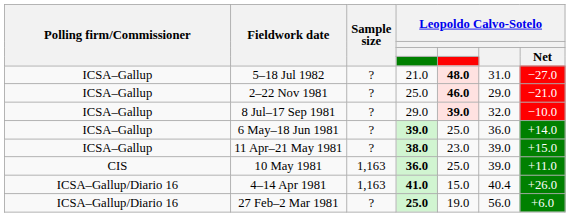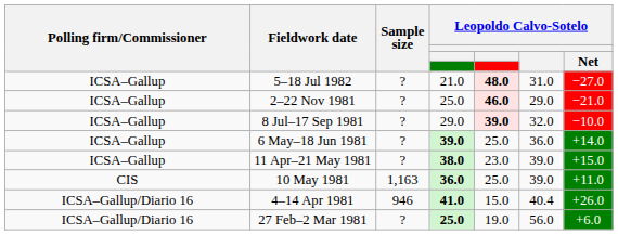 <table class="wikitable collapsible collapsed" style="text-align:center; font-size:90%; line-height:14px;">
 <tr style="height:42px;">
 <th style="width:250px;" rowspan="4">Polling firm/Commissioner</th>
 <th style="width:125px;" rowspan="4">Fieldwork date</th>
 <th style="width:50px;" rowspan="4">Sample size</th>
 <th style="width:185px;" colspan="4"><a href='#'>Leopoldo Calvo-Sotelo</a><br></th>
 </tr>
 <tr>
 <th colspan="4" style="background:"></th>
 </tr>
 <tr>
 <th style="width:30px;"></th>
 <th style="width:30px;"></th>
 <th style="width:30px;" rowspan="2"></th>
 <th style="width:30px;" rowspan="2">Net</th>
 </tr>
 <tr>
 <th style="color:inherit;background:#008000;"></th>
 <th style="color:inherit;background:#FF0000;"></th>
 </tr>
 <tr>
 <td>ICSA–Gallup</td>
 <td>5–18 Jul 1982</td>
 <td>?</td>
 <td>21.0</td>
 <td style="background:#FFE2E1;"><strong>48.0</strong></td>
 <td>31.0</td>
 <td style="background:#FF0000; color:white;">−27.0</td>
 </tr>
 <tr>
 <td>ICSA–Gallup</td>
 <td>2–22 Nov 1981</td>
 <td>?</td>
 <td>25.0</td>
 <td style="background:#FFE2E1;"><strong>46.0</strong></td>
 <td>29.0</td>
 <td style="background:#FF0000; color:white;">−21.0</td>
 </tr>
 <tr>
 <td>ICSA–Gallup</td>
 <td>8 Jul–17 Sep 1981</td>
 <td>?</td>
 <td>29.0</td>
 <td style="background:#FFE2E1;"><strong>39.0</strong></td>
 <td>32.0</td>
 <td style="background:#FF0000; color:white;">−10.0</td>
 </tr>
 <tr>
 <td>ICSA–Gallup</td>
 <td>6 May–18 Jun 1981</td>
 <td>?</td>
 <td style="background:#D1F5D1;"><strong>39.0</strong></td>
 <td>25.0</td>
 <td>36.0</td>
 <td style="background:#008000; color:white;">+14.0</td>
 </tr>
 <tr>
 <td>ICSA–Gallup</td>
 <td>11 Apr–21 May 1981</td>
 <td>?</td>
 <td style="background:#D1F5D1;"><strong>38.0</strong></td>
 <td>23.0</td>
 <td>39.0</td>
 <td style="background:#008000; color:white;">+15.0</td>
 </tr>
 <tr>
 <td>CIS</td>
 <td>10 May 1981</td>
 <td>1,163</td>
 <td style="background:#D1F5D1;"><strong>36.0</strong></td>
 <td>25.0</td>
 <td>39.0</td>
 <td style="background:#008000; color:white;">+11.0</td>
 </tr>
 <tr>
 <td>ICSA–Gallup/Diario 16</td>
 <td>4–14 Apr 1981</td>
-<td>1,163</td>
+<td>946</td>
 <td style="background:#D1F5D1;"><strong>41.0</strong></td>
 <td>15.0</td>
 <td>40.4</td>
 <td style="background:#008000; color:white;">+26.0</td>
 </tr>
 <tr>
 <td>ICSA–Gallup/Diario 16</td>
 <td>27 Feb–2 Mar 1981</td>
 <td>?</td>
 <td style="background:#D1F5D1;"><strong>25.0</strong></td>
 <td>19.0</td>
 <td>56.0</td>
 <td style="background:#008000; color:white;">+6.0</td>
 </tr>
 </table>
